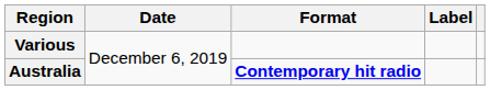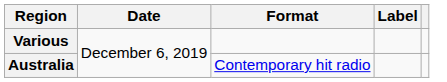 <table class="wikitable plainrowheaders">
 <tr>
 <th scope="col">Region</th>
 <th scope="col">Date</th>
 <th scope="col">Format</th>
 <th scope="col">Label</th>
 <th scope="col"></th>
 </tr>
 <tr>
 <th scope="row">Various</th>
 <td rowspan="2">December 6, 2019</td>
 <td></td>
 <td></td>
 <td></td>
 </tr>
 <tr>
 <th scope="row">Australia</th>
-<td><strong><a href='#'>Contemporary hit radio</a></strong></td>
+<td><a href='#'>Contemporary hit radio</a></td>
 <td></td>
 <td></td>
 </tr>
 </table>
